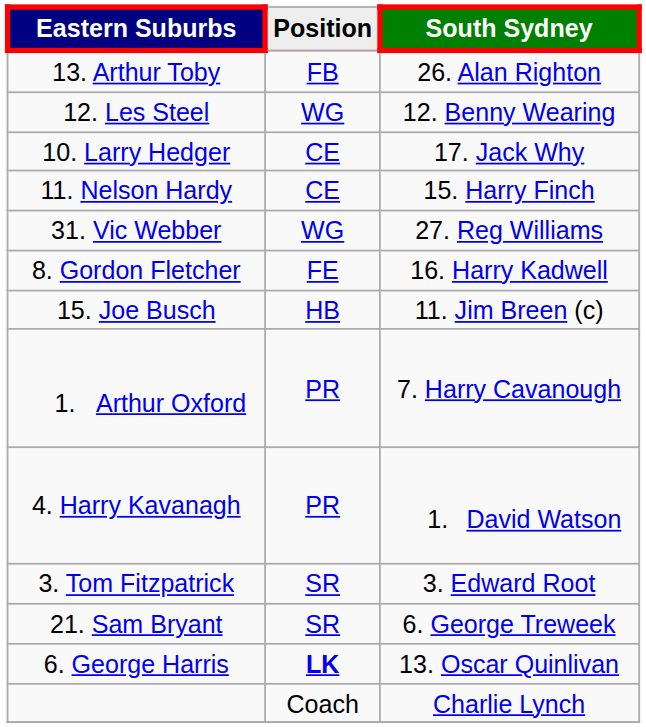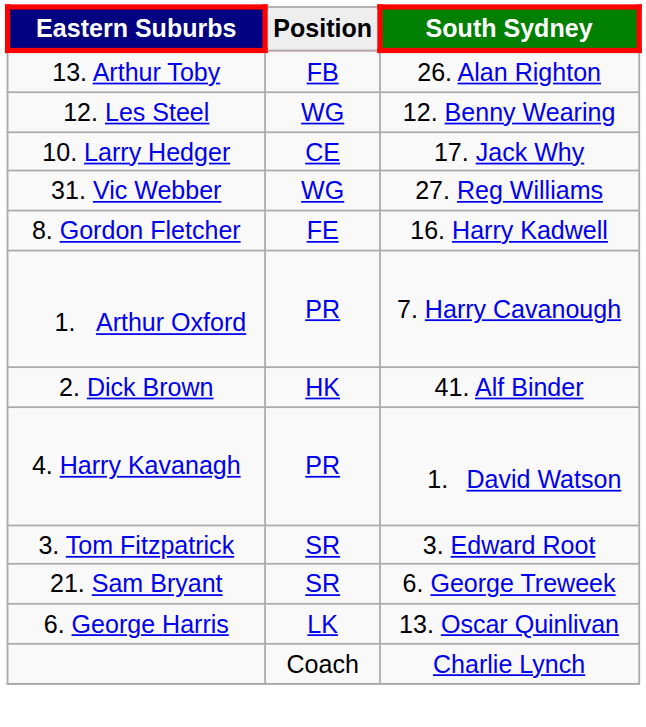 <table align="right" class="wikitable" style="font-size:90%; margin-left:1em">
 <tr bgcolor="#FF0033">
 <th style="width:140px; border:3px solid red; background: navy; color: white">Eastern Suburbs</th>
 <th style="width:40px; text-align:center; background:#eee; color:black;">Position</th>
 <th style="width:140px; border:3px solid red; background: green; color: white">South Sydney</th>
 </tr>
 <tr align=center>
 <td>13. <a href='#'>Arthur Toby</a></td>
 <td><a href='#'>FB</a></td>
 <td>26. <a href='#'>Alan Righton</a></td>
 </tr>
 <tr align=center>
 <td>12. <a href='#'>Les Steel</a></td>
 <td><a href='#'>WG</a></td>
 <td>12. <a href='#'>Benny Wearing</a></td>
 </tr>
 <tr align=center>
 <td>10. <a href='#'>Larry Hedger</a></td>
 <td><a href='#'>CE</a></td>
 <td>17. <a href='#'>Jack Why</a></td>
 </tr>
 <tr align=center>
-<td>11. <a href='#'>Nelson Hardy</a></td>
-<td><a href='#'>CE</a></td>
-<td>15. <a href='#'>Harry Finch</a></td>
-</tr>
-<tr align=center>
 <td>31. <a href='#'>Vic Webber</a></td>
 <td><a href='#'>WG</a></td>
 <td>27. <a href='#'>Reg Williams</a></td>
 </tr>
 <tr align=center>
 <td>8. <a href='#'>Gordon Fletcher</a></td>
 <td><a href='#'>FE</a></td>
 <td>16. <a href='#'>Harry Kadwell</a></td>
 </tr>
 <tr align=center>
-<td>15. <a href='#'>Joe Busch</a></td>
-<td><a href='#'>HB</a></td>
-<td>11. <a href='#'>Jim Breen</a> (c)</td>
-</tr>
-<tr align=center>
 <td><br><ol><li><a href='#'>Arthur Oxford</a></li></ol></td>
 <td><a href='#'>PR</a></td>
 <td>7. <a href='#'>Harry Cavanough</a></td>
+</tr>
+<tr align=center>
+<td>2. <a href='#'>Dick Brown</a></td>
+<td><a href='#'>HK</a></td>
+<td>41. <a href='#'>Alf Binder</a></td>
 </tr>
 <tr align=center>
 <td>4. <a href='#'>Harry Kavanagh</a></td>
 <td><a href='#'>PR</a></td>
 <td><br><ol><li><a href='#'>David Watson</a></li></ol></td>
 </tr>
 <tr align=center>
 <td>3. <a href='#'>Tom Fitzpatrick</a></td>
 <td><a href='#'>SR</a></td>
 <td>3. <a href='#'>Edward Root</a></td>
 </tr>
 <tr align=center>
 <td>21. <a href='#'>Sam Bryant</a></td>
 <td><a href='#'>SR</a></td>
 <td>6. <a href='#'>George Treweek</a></td>
 </tr>
 <tr align=center>
 <td>6. <a href='#'>George Harris</a></td>
-<td><strong><a href='#'>LK</a></strong></td>
+<td><a href='#'>LK</a></td>
 <td>13. <a href='#'>Oscar Quinlivan</a></td>
 </tr>
 <tr align=center>
 <td></td>
 <td>Coach</td>
 <td><a href='#'>Charlie Lynch</a></td>
 </tr>
 <tr>
 </tr>
 </table>
